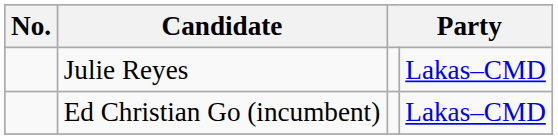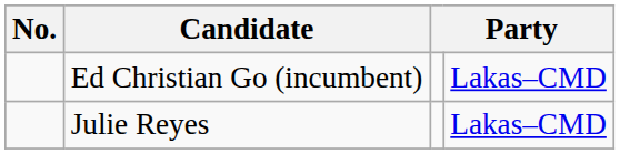 <table class="wikitable sortable" style="text-align:left;">
 <tr>
 <th>No.</th>
 <th>Candidate</th>
 <th colspan="2">Party</th>
 </tr>
 <tr>
 <td></td>
-<td>Julie Reyes</td>
+<td>Ed Christian Go (incumbent)</td>
 <td></td>
 <td><a href='#'>Lakas–CMD</a></td>
 </tr>
 <tr>
 <td></td>
-<td>Ed Christian Go (incumbent)</td>
+<td>Julie Reyes</td>
 <td></td>
 <td><a href='#'>Lakas–CMD</a></td>
 </tr>
 </table>
